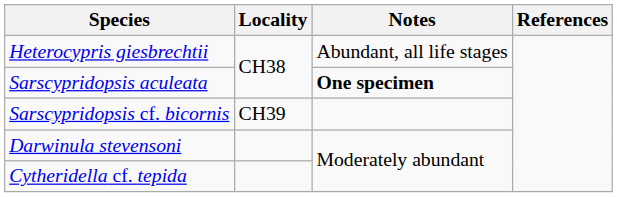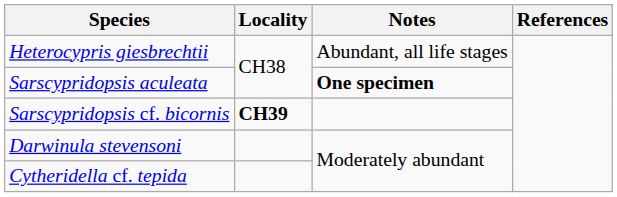 <table class="wikitable">
 <tr>
 <th>Species</th>
 <th>Locality</th>
 <th>Notes</th>
 <th>References</th>
 </tr>
 <tr>
 <td><em><a href='#'>Heterocypris giesbrechtii</a></em></td>
 <td rowspan="2">CH38</td>
 <td>Abundant, all life stages</td>
 <td rowspan="5"></td>
 </tr>
 <tr>
 <td><em><a href='#'>Sarscypridopsis aculeata</a></em></td>
 <td><strong>One specimen</strong></td>
 </tr>
 <tr>
 <td><a href='#'><em>Sarscypridopsis</em> cf. <em>bicornis</em></a></td>
-<td>CH39</td>
+<td><strong>CH39</strong></td>
 <td></td>
 </tr>
 <tr>
 <td><em><a href='#'>Darwinula stevensoni</a></em></td>
 <td></td>
 <td rowspan="2">Moderately abundant</td>
 </tr>
 <tr>
 <td><a href='#'><em>Cytheridella</em> cf. <em>tepida</em></a></td>
 <td></td>
 </tr>
 </table>
